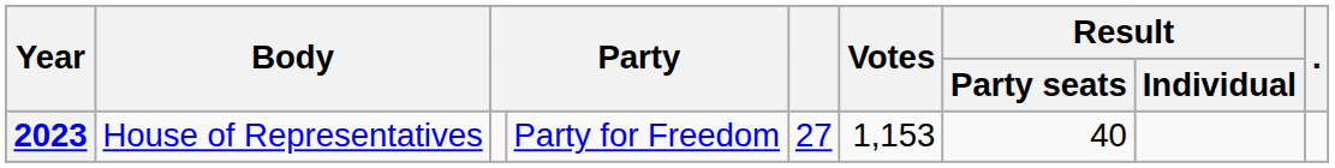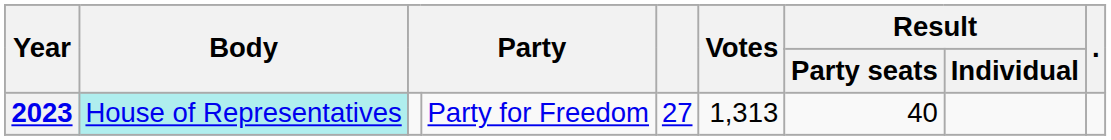 <table class="wikitable plainrowheaders sortable" border=2 cellpadding=4 cellspacing=0 style="border: 1px #aaa solid; font-size: 90%; text-align:center;">
 <tr>
 <th scope="col" rowspan=2>Year</th>
 <th scope="col" rowspan=2>Body</th>
 <th scope="col" colspan=2 rowspan=2>Party</th>
 <th scope="col" rowspan=2></th>
 <th scope="col" rowspan=2>Votes</th>
 <th scope="colgroup" colspan=2>Result</th>
 <th scope="col" rowspan=2 class="unsortable">.</th>
 </tr>
 <tr>
 <th scope="col">Party seats</th>
 <th scope="col">Individual</th>
 </tr>
 <tr>
 <th scope="row"><a href='#'>2023</a></th>
-<td><a href='#'>House of Representatives</a></td>
+<td style="background: paleturquoise;"><a href='#'>House of Representatives</a></td>
 <td style="background-color:"></td>
 <td><a href='#'>Party for Freedom</a></td>
 <td style=text-align:right><a href='#'>27</a></td>
-<td style=text-align:right>1,153</td>
+<td style=text-align:right>1,313</td>
 <td style=text-align:right>40</td>
 <td></td>
 <td></td>
 </tr>
 </table>
